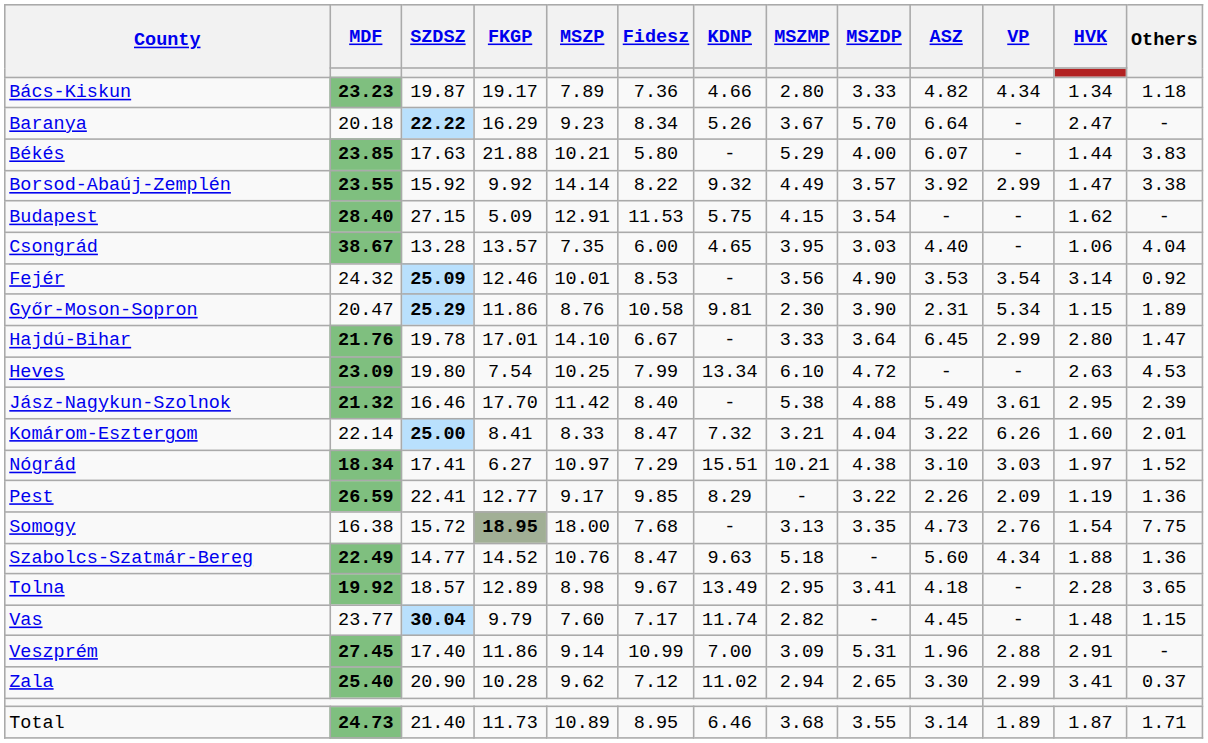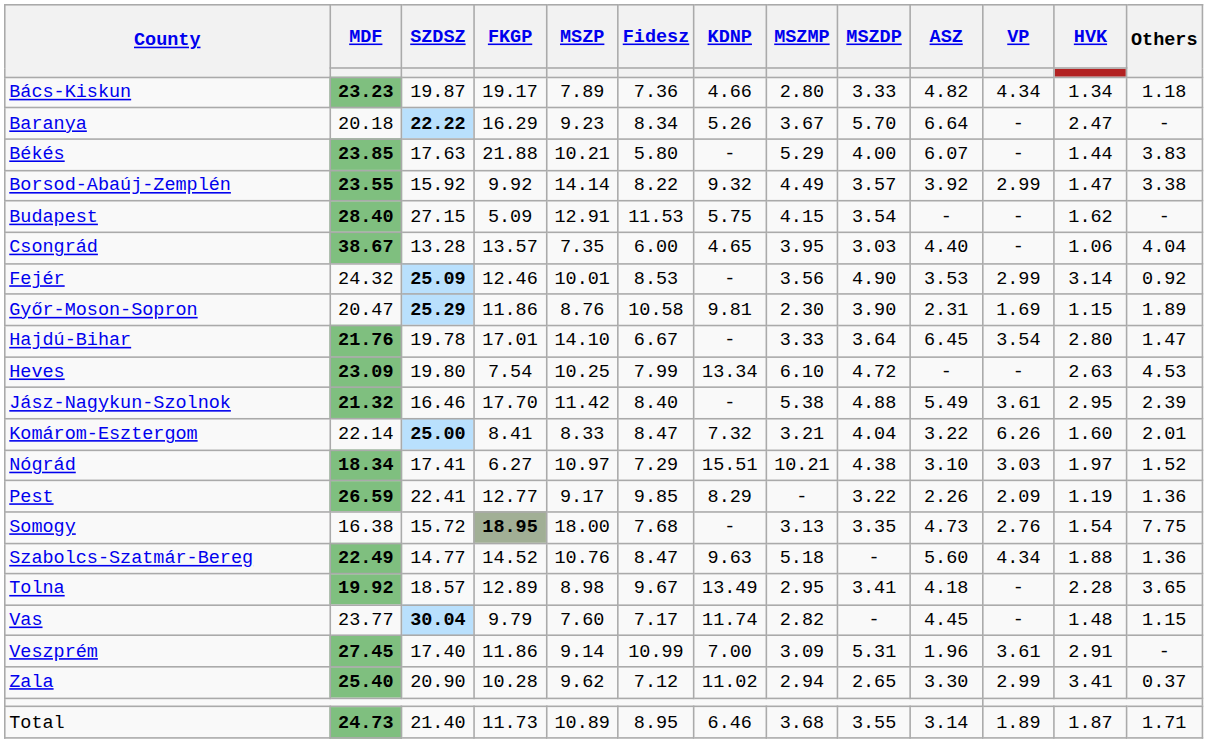 <table class="wikitable sortable" style="text-align:center;font-size:90%;line-height:14px">
 <tr style="height:40px;">
 <th style="width:200px;" rowspan="2"><a href='#'>County</a></th>
 <th style="width:40px;"><a href='#'>MDF</a></th>
 <th style="width:40px;"><a href='#'>SZDSZ</a></th>
 <th style="width:40px;"><a href='#'>FKGP</a></th>
 <th style="width:40px;"><a href='#'>MSZP</a></th>
 <th style="width:40px;"><a href='#'>Fidesz</a></th>
 <th style="width:40px;"><a href='#'>KDNP</a></th>
 <th style="width:40px;"><a href='#'>MSZMP</a></th>
 <th style="width:40px;"><a href='#'>MSZDP</a></th>
 <th style="width:40px;"><a href='#'>ASZ</a></th>
 <th style="width:40px;"><a href='#'>VP</a></th>
 <th style="width:40px;"><a href='#'>HVK</a></th>
 <th class="unsortable" style="width:40px;" rowspan="2">Others</th>
 </tr>
 <tr>
 <th style="background:"></th>
 <th style="background:"></th>
 <th style="background:"></th>
 <th style="background:"></th>
 <th style="background:"></th>
 <th style="background:"></th>
 <th style="background:"></th>
 <th style="background:"></th>
 <th style="background:"></th>
 <th style="background:"></th>
 <th style="background:#B22222;"></th>
 </tr>
 <tr>
 <td align="left"><a href='#'>Bács-Kiskun</a></td>
 <td style="background:#7fbf7f;"><strong>23.23</strong></td>
 <td>19.87</td>
 <td>19.17</td>
 <td>7.89</td>
 <td>7.36</td>
 <td>4.66</td>
 <td>2.80</td>
 <td>3.33</td>
 <td>4.82</td>
 <td>4.34</td>
 <td>1.34</td>
 <td>1.18</td>
 </tr>
 <tr>
 <td align="left"><a href='#'>Baranya</a></td>
 <td>20.18</td>
 <td style="background:#b9e0fd;"><strong>22.22</strong></td>
 <td>16.29</td>
 <td>9.23</td>
 <td>8.34</td>
 <td>5.26</td>
 <td>3.67</td>
 <td>5.70</td>
 <td>6.64</td>
 <td>-</td>
 <td>2.47</td>
 <td>-</td>
 </tr>
 <tr>
 <td align="left"><a href='#'>Békés</a></td>
 <td style="background:#7fbf7f;"><strong>23.85</strong></td>
 <td>17.63</td>
 <td>21.88</td>
 <td>10.21</td>
 <td>5.80</td>
 <td>-</td>
 <td>5.29</td>
 <td>4.00</td>
 <td>6.07</td>
 <td>-</td>
 <td>1.44</td>
 <td>3.83</td>
 </tr>
 <tr>
 <td align="left"><a href='#'>Borsod-Abaúj-Zemplén</a></td>
 <td style="background:#7fbf7f;"><strong>23.55</strong></td>
 <td>15.92</td>
 <td>9.92</td>
 <td>14.14</td>
 <td>8.22</td>
 <td>9.32</td>
 <td>4.49</td>
 <td>3.57</td>
 <td>3.92</td>
 <td>2.99</td>
 <td>1.47</td>
 <td>3.38</td>
 </tr>
 <tr>
 <td align="left"><a href='#'>Budapest</a></td>
 <td style="background:#7fbf7f;"><strong>28.40</strong></td>
 <td>27.15</td>
 <td>5.09</td>
 <td>12.91</td>
 <td>11.53</td>
 <td>5.75</td>
 <td>4.15</td>
 <td>3.54</td>
 <td>-</td>
 <td>-</td>
 <td>1.62</td>
 <td>-</td>
 </tr>
 <tr>
 <td align="left"><a href='#'>Csongrád</a></td>
 <td style="background:#7fbf7f;"><strong>38.67</strong></td>
 <td>13.28</td>
 <td>13.57</td>
 <td>7.35</td>
 <td>6.00</td>
 <td>4.65</td>
 <td>3.95</td>
 <td>3.03</td>
 <td>4.40</td>
 <td>-</td>
 <td>1.06</td>
 <td>4.04</td>
 </tr>
 <tr>
 <td align="left"><a href='#'>Fejér</a></td>
 <td>24.32</td>
 <td style="background:#b9e0fd;"><strong>25.09</strong></td>
 <td>12.46</td>
 <td>10.01</td>
 <td>8.53</td>
 <td>-</td>
 <td>3.56</td>
 <td>4.90</td>
 <td>3.53</td>
-<td>3.54</td>
+<td>2.99</td>
 <td>3.14</td>
 <td>0.92</td>
 </tr>
 <tr>
 <td align="left"><a href='#'>Győr-Moson-Sopron</a></td>
 <td>20.47</td>
 <td style="background:#b9e0fd;"><strong>25.29</strong></td>
 <td>11.86</td>
 <td>8.76</td>
 <td>10.58</td>
 <td>9.81</td>
 <td>2.30</td>
 <td>3.90</td>
 <td>2.31</td>
-<td>5.34</td>
+<td>1.69</td>
 <td>1.15</td>
 <td>1.89</td>
 </tr>
 <tr>
 <td align="left"><a href='#'>Hajdú-Bihar</a></td>
 <td style="background:#7fbf7f;"><strong>21.76</strong></td>
 <td>19.78</td>
 <td>17.01</td>
 <td>14.10</td>
 <td>6.67</td>
 <td>-</td>
 <td>3.33</td>
 <td>3.64</td>
 <td>6.45</td>
-<td>2.99</td>
+<td>3.54</td>
 <td>2.80</td>
 <td>1.47</td>
 </tr>
 <tr>
 <td align="left"><a href='#'>Heves</a></td>
 <td style="background:#7fbf7f;"><strong>23.09</strong></td>
 <td>19.80</td>
 <td>7.54</td>
 <td>10.25</td>
 <td>7.99</td>
 <td>13.34</td>
 <td>6.10</td>
 <td>4.72</td>
 <td>-</td>
 <td>-</td>
 <td>2.63</td>
 <td>4.53</td>
 </tr>
 <tr>
 <td align="left"><a href='#'>Jász-Nagykun-Szolnok</a></td>
 <td style="background:#7fbf7f;"><strong>21.32</strong></td>
 <td>16.46</td>
 <td>17.70</td>
 <td>11.42</td>
 <td>8.40</td>
 <td>-</td>
 <td>5.38</td>
 <td>4.88</td>
 <td>5.49</td>
 <td>3.61</td>
 <td>2.95</td>
 <td>2.39</td>
 </tr>
 <tr>
 <td align="left"><a href='#'>Komárom-Esztergom</a></td>
 <td>22.14</td>
 <td style="background:#b9e0fd;"><strong>25.00</strong></td>
 <td>8.41</td>
 <td>8.33</td>
 <td>8.47</td>
 <td>7.32</td>
 <td>3.21</td>
 <td>4.04</td>
 <td>3.22</td>
 <td>6.26</td>
 <td>1.60</td>
 <td>2.01</td>
 </tr>
 <tr>
 <td align="left"><a href='#'>Nógrád</a></td>
 <td style="background:#7fbf7f;"><strong>18.34</strong></td>
 <td>17.41</td>
 <td>6.27</td>
 <td>10.97</td>
 <td>7.29</td>
 <td>15.51</td>
 <td>10.21</td>
 <td>4.38</td>
 <td>3.10</td>
 <td>3.03</td>
 <td>1.97</td>
 <td>1.52</td>
 </tr>
 <tr>
 <td align="left"><a href='#'>Pest</a></td>
 <td style="background:#7fbf7f;"><strong>26.59</strong></td>
 <td>22.41</td>
 <td>12.77</td>
 <td>9.17</td>
 <td>9.85</td>
 <td>8.29</td>
 <td>-</td>
 <td>3.22</td>
 <td>2.26</td>
 <td>2.09</td>
 <td>1.19</td>
 <td>1.36</td>
 </tr>
 <tr>
 <td align="left"><a href='#'>Somogy</a></td>
 <td>16.38</td>
 <td>15.72</td>
 <td style="background:#a1af95;"><strong>18.95</strong></td>
 <td>18.00</td>
 <td>7.68</td>
 <td>-</td>
 <td>3.13</td>
 <td>3.35</td>
 <td>4.73</td>
 <td>2.76</td>
 <td>1.54</td>
 <td>7.75</td>
 </tr>
 <tr>
 <td align="left"><a href='#'>Szabolcs-Szatmár-Bereg</a></td>
 <td style="background:#7fbf7f;"><strong>22.49</strong></td>
 <td>14.77</td>
 <td>14.52</td>
 <td>10.76</td>
 <td>8.47</td>
 <td>9.63</td>
 <td>5.18</td>
 <td>-</td>
 <td>5.60</td>
 <td>4.34</td>
 <td>1.88</td>
 <td>1.36</td>
 </tr>
 <tr>
 <td align="left"><a href='#'>Tolna</a></td>
 <td style="background:#7fbf7f;"><strong>19.92</strong></td>
 <td>18.57</td>
 <td>12.89</td>
 <td>8.98</td>
 <td>9.67</td>
 <td>13.49</td>
 <td>2.95</td>
 <td>3.41</td>
 <td>4.18</td>
 <td>-</td>
 <td>2.28</td>
 <td>3.65</td>
 </tr>
 <tr>
 <td align="left"><a href='#'>Vas</a></td>
 <td>23.77</td>
 <td style="background:#b9e0fd;"><strong>30.04</strong></td>
 <td>9.79</td>
 <td>7.60</td>
 <td>7.17</td>
 <td>11.74</td>
 <td>2.82</td>
 <td>-</td>
 <td>4.45</td>
 <td>-</td>
 <td>1.48</td>
 <td>1.15</td>
 </tr>
 <tr>
 <td align="left"><a href='#'>Veszprém</a></td>
 <td style="background:#7fbf7f;"><strong>27.45</strong></td>
 <td>17.40</td>
 <td>11.86</td>
 <td>9.14</td>
 <td>10.99</td>
 <td>7.00</td>
 <td>3.09</td>
 <td>5.31</td>
 <td>1.96</td>
-<td>2.88</td>
+<td>3.61</td>
 <td>2.91</td>
 <td>-</td>
 </tr>
 <tr>
 <td align="left"><a href='#'>Zala</a></td>
 <td style="background:#7fbf7f;"><strong>25.40</strong></td>
 <td>20.90</td>
 <td>10.28</td>
 <td>9.62</td>
 <td>7.12</td>
 <td>11.02</td>
 <td>2.94</td>
 <td>2.65</td>
 <td>3.30</td>
 <td>2.99</td>
 <td>3.41</td>
 <td>0.37</td>
 </tr>
 <tr>
 <td colspan=10></td>
 </tr>
 <tr>
 <td align="left">Total</td>
 <td style="background:#7fbf7f;"><strong>24.73</strong></td>
 <td>21.40</td>
 <td>11.73</td>
 <td>10.89</td>
 <td>8.95</td>
 <td>6.46</td>
 <td>3.68</td>
 <td>3.55</td>
 <td>3.14</td>
 <td>1.89</td>
 <td>1.87</td>
 <td>1.71</td>
 </tr>
 </table>
